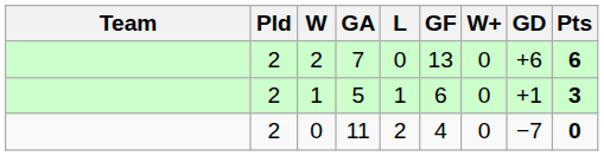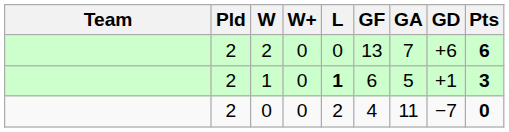 <table class="wikitable" style="text-align:center;">
 <tr>
 <th width=165>Team</th>
 <th width=20>Pld</th>
 <th width=20>W</th>
-<th width=20>GA</th>
+<th width=20>W+</th>
 <th width=20>L</th>
 <th width=20>GF</th>
-<th width=20>W+</th>
+<th width=20>GA</th>
 <th width=20>GD</th>
 <th width=20>Pts</th>
 </tr>
 <tr align=center style="background:#ccffcc;">
 <td style="text-align:left;"></td>
 <td>2</td>
 <td>2</td>
-<td>7</td>
+<td>0</td>
 <td>0</td>
 <td>13</td>
-<td>0</td>
+<td>7</td>
 <td>+6</td>
 <td><strong>6</strong></td>
 </tr>
 <tr align=center style="background:#ccffcc;">
 <td style="text-align:left;"></td>
 <td>2</td>
 <td>1</td>
+<td>0</td>
+<td><strong>1</strong></td>
+<td>6</td>
 <td>5</td>
-<td>1</td>
-<td>6</td>
-<td>0</td>
 <td>+1</td>
 <td><strong>3</strong></td>
 </tr>
 <tr align=center>
 <td style="text-align:left;"></td>
 <td>2</td>
 <td>0</td>
-<td>11</td>
+<td>0</td>
 <td>2</td>
 <td>4</td>
-<td>0</td>
+<td>11</td>
 <td>−7</td>
 <td><strong>0</strong></td>
 </tr>
 </table>
